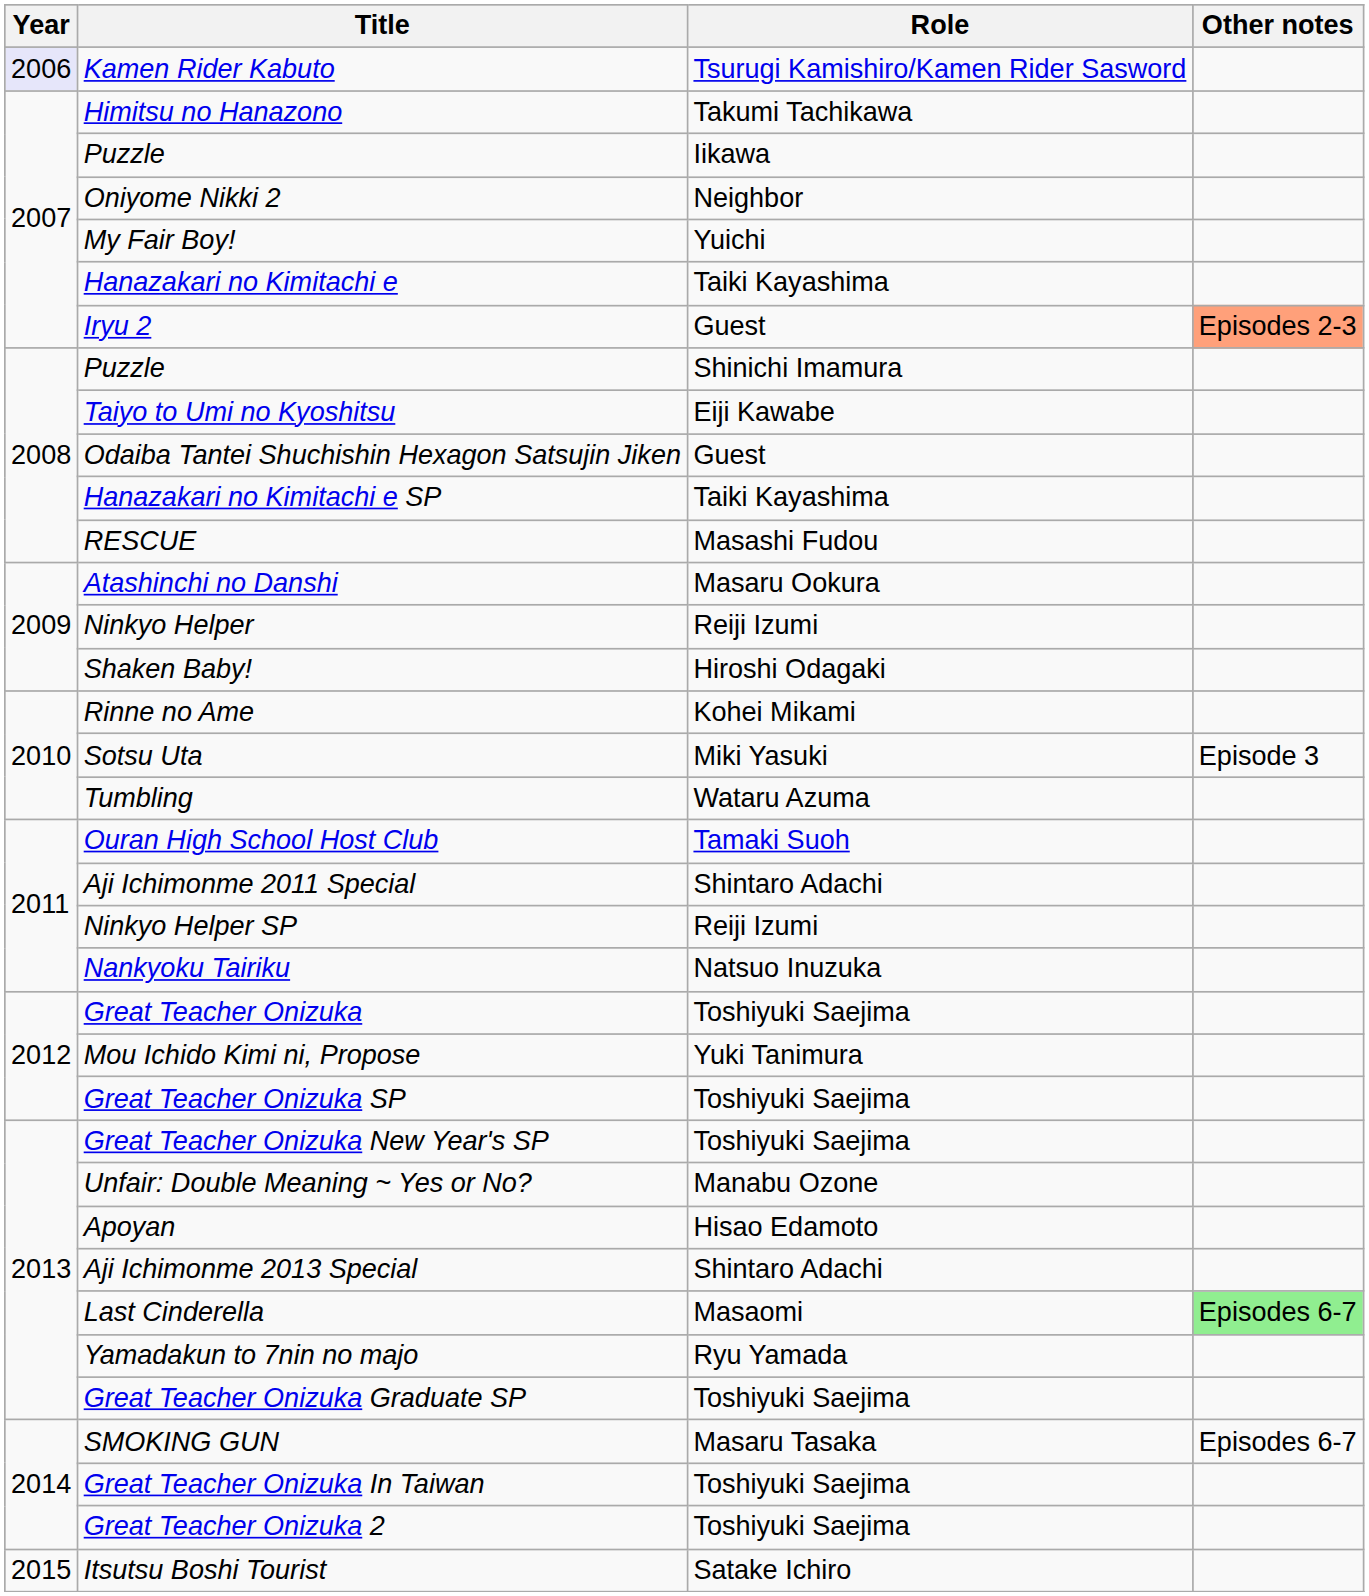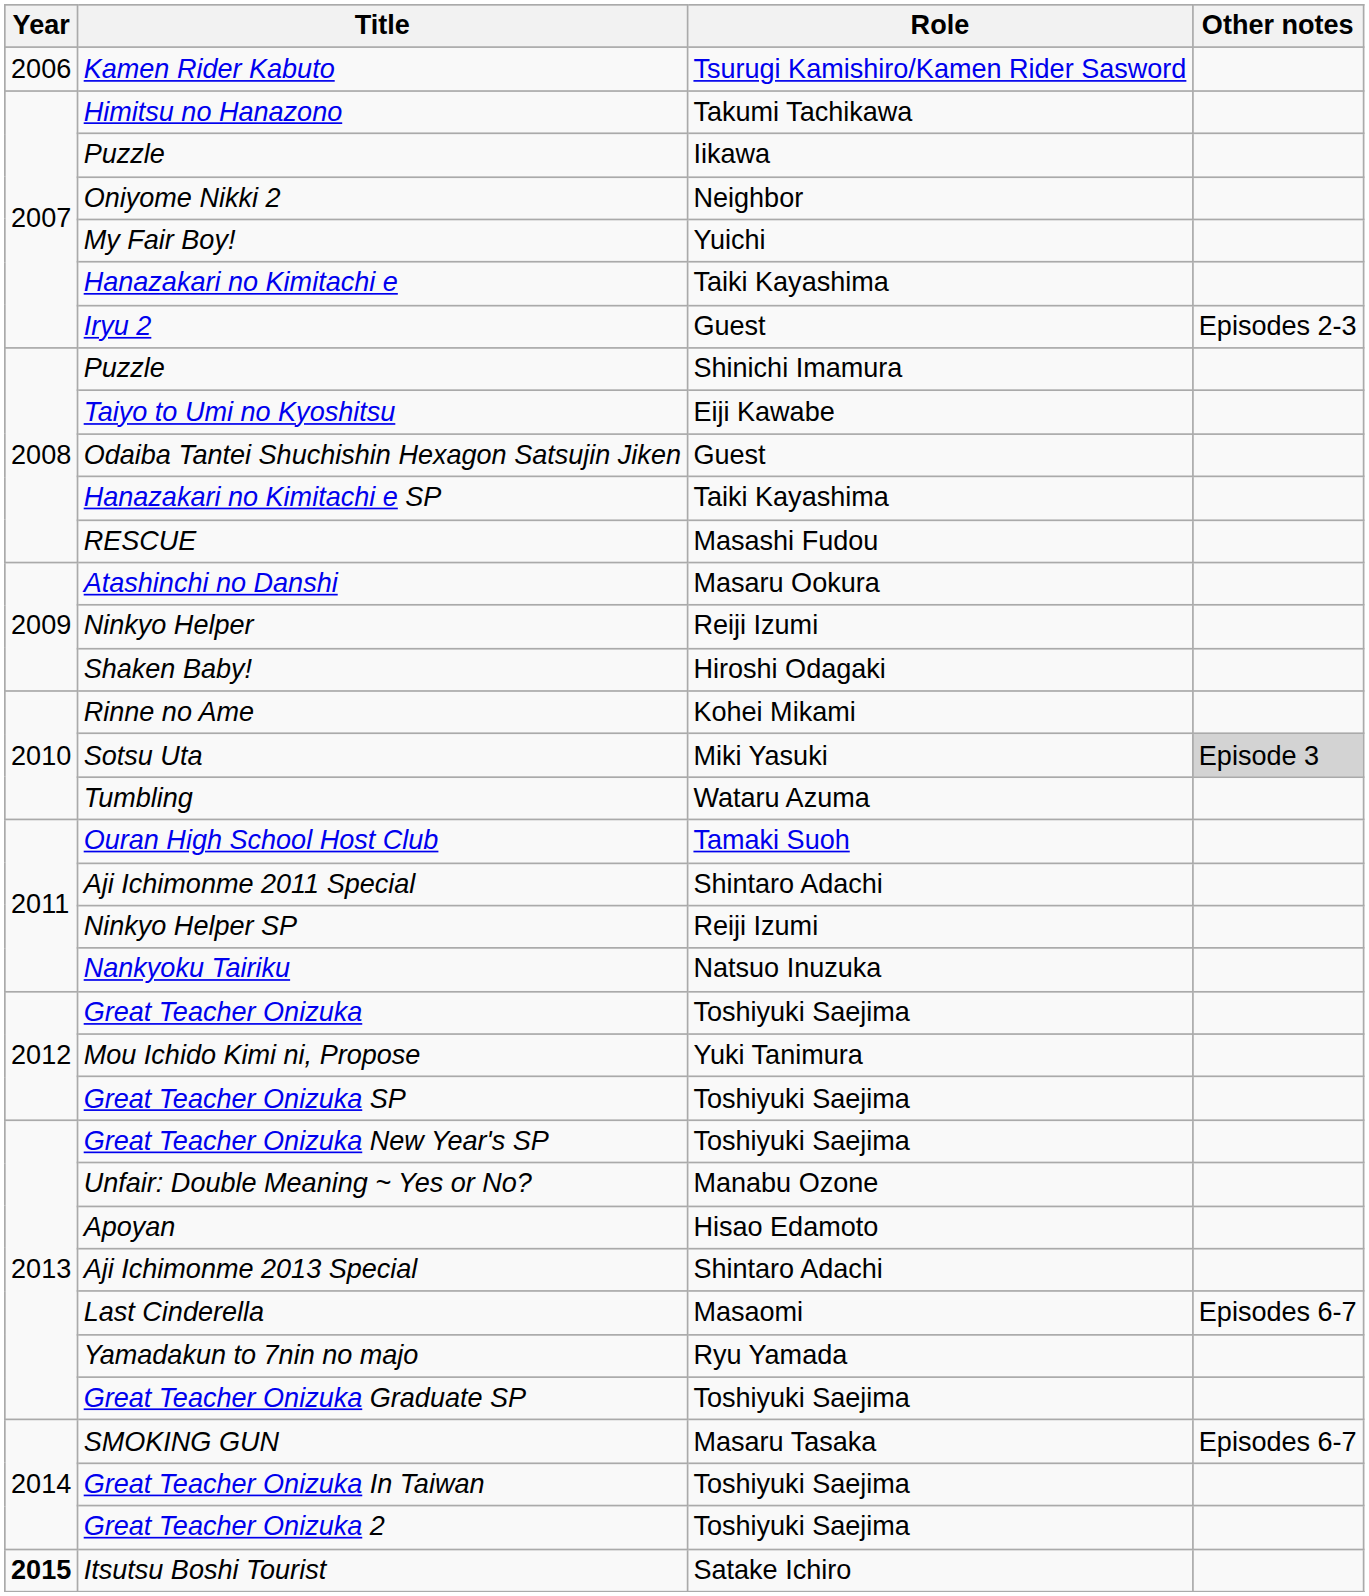 <table class="wikitable">
 <tr>
 <th>Year</th>
 <th>Title</th>
 <th>Role</th>
 <th>Other notes</th>
 </tr>
 <tr>
-<td style="background: lavender;">2006</td>
+<td>2006</td>
 <td><em><a href='#'>Kamen Rider Kabuto</a></em></td>
 <td><a href='#'>Tsurugi Kamishiro/Kamen Rider Sasword</a></td>
 <td></td>
 </tr>
 <tr>
 <td rowspan="6">2007</td>
 <td><em><a href='#'>Himitsu no Hanazono</a></em></td>
 <td>Takumi Tachikawa</td>
 <td></td>
 </tr>
 <tr>
 <td><em>Puzzle</em></td>
 <td>Iikawa</td>
 <td></td>
 </tr>
 <tr>
 <td><em>Oniyome Nikki 2</em></td>
 <td>Neighbor</td>
 <td></td>
 </tr>
 <tr>
 <td><em>My Fair Boy!</em></td>
 <td>Yuichi</td>
 <td></td>
 </tr>
 <tr>
 <td><em><a href='#'>Hanazakari no Kimitachi e</a></em></td>
 <td>Taiki Kayashima</td>
 </tr>
 <tr>
 <td><em><a href='#'>Iryu 2</a></em></td>
 <td>Guest</td>
-<td style="background: lightsalmon;">Episodes 2-3</td>
+<td>Episodes 2-3</td>
 </tr>
 <tr>
 <td rowspan="5">2008</td>
 <td><em>Puzzle</em></td>
 <td>Shinichi Imamura</td>
 <td></td>
 </tr>
 <tr>
 <td><em><a href='#'>Taiyo to Umi no Kyoshitsu</a></em></td>
 <td>Eiji Kawabe</td>
 <td></td>
 </tr>
 <tr>
 <td><em>Odaiba Tantei Shuchishin Hexagon Satsujin Jiken</em></td>
 <td>Guest</td>
 <td></td>
 </tr>
 <tr>
 <td><em><a href='#'>Hanazakari no Kimitachi e</a> SP</em></td>
 <td>Taiki Kayashima</td>
 <td></td>
 </tr>
 <tr>
 <td><em>RESCUE</em></td>
 <td>Masashi Fudou</td>
 <td></td>
 </tr>
 <tr>
 <td rowspan="3">2009</td>
 <td><em><a href='#'>Atashinchi no Danshi</a></em></td>
 <td>Masaru Ookura</td>
 <td></td>
 </tr>
 <tr>
 <td><em>Ninkyo Helper</em></td>
 <td>Reiji Izumi</td>
 <td></td>
 </tr>
 <tr>
 <td><em>Shaken Baby!</em></td>
 <td>Hiroshi Odagaki</td>
 <td></td>
 </tr>
 <tr>
 <td rowspan="3">2010</td>
 <td><em>Rinne no Ame</em></td>
 <td>Kohei Mikami</td>
 <td></td>
 </tr>
 <tr>
 <td><em>Sotsu Uta</em></td>
 <td>Miki Yasuki</td>
-<td>Episode 3</td>
+<td style="background: lightgrey;">Episode 3</td>
 </tr>
 <tr>
 <td><em>Tumbling</em></td>
 <td>Wataru Azuma</td>
 <td></td>
 </tr>
 <tr>
 <td rowspan="4">2011</td>
 <td><em><a href='#'>Ouran High School Host Club</a></em></td>
 <td><a href='#'>Tamaki Suoh</a></td>
 <td></td>
 </tr>
 <tr>
 <td><em>Aji Ichimonme 2011 Special</em></td>
 <td>Shintaro Adachi</td>
 <td></td>
 </tr>
 <tr>
 <td><em>Ninkyo Helper SP</em></td>
 <td>Reiji Izumi</td>
 <td></td>
 </tr>
 <tr>
 <td><em><a href='#'>Nankyoku Tairiku</a></em></td>
 <td>Natsuo Inuzuka</td>
 <td></td>
 </tr>
 <tr>
 <td rowspan="3">2012</td>
 <td><em><a href='#'>Great Teacher Onizuka</a></em></td>
 <td>Toshiyuki Saejima</td>
 <td></td>
 </tr>
 <tr>
 <td><em>Mou Ichido Kimi ni, Propose</em></td>
 <td>Yuki Tanimura</td>
 <td></td>
 </tr>
 <tr>
 <td><em><a href='#'>Great Teacher Onizuka</a> SP</em></td>
 <td>Toshiyuki Saejima</td>
 <td></td>
 </tr>
 <tr>
 <td rowspan="7">2013</td>
 <td><em><a href='#'>Great Teacher Onizuka</a> New Year's SP</em></td>
 <td>Toshiyuki Saejima</td>
 <td></td>
 </tr>
 <tr>
 <td><em>Unfair: Double Meaning ~ Yes or No?</em></td>
 <td>Manabu Ozone</td>
 <td></td>
 </tr>
 <tr>
 <td><em>Apoyan</em></td>
 <td>Hisao Edamoto</td>
 <td></td>
 </tr>
 <tr>
 <td><em>Aji Ichimonme 2013 Special</em></td>
 <td>Shintaro Adachi</td>
 <td></td>
 </tr>
 <tr>
 <td><em>Last Cinderella</em></td>
 <td>Masaomi</td>
-<td style="background: lightgreen;">Episodes 6-7</td>
+<td>Episodes 6-7</td>
 </tr>
 <tr>
 <td><em>Yamadakun to 7nin no majo</em></td>
 <td>Ryu Yamada</td>
 <td></td>
 </tr>
 <tr>
 <td><em><a href='#'>Great Teacher Onizuka</a> Graduate SP</em></td>
 <td>Toshiyuki Saejima</td>
 <td></td>
 </tr>
 <tr>
 <td rowspan="3">2014</td>
 <td><em>SMOKING GUN</em></td>
 <td>Masaru Tasaka</td>
 <td>Episodes 6-7</td>
 </tr>
 <tr>
 <td><em><a href='#'>Great Teacher Onizuka</a> In Taiwan</em></td>
 <td>Toshiyuki Saejima</td>
 <td></td>
 </tr>
 <tr>
 <td><em><a href='#'>Great Teacher Onizuka</a> 2</em></td>
 <td>Toshiyuki Saejima</td>
 <td></td>
 </tr>
 <tr>
-<td>2015</td>
+<td><strong>2015</strong></td>
 <td><em>Itsutsu Boshi Tourist</em></td>
 <td>Satake Ichiro</td>
 <td></td>
 </tr>
 <tr>
 </tr>
 </table>
